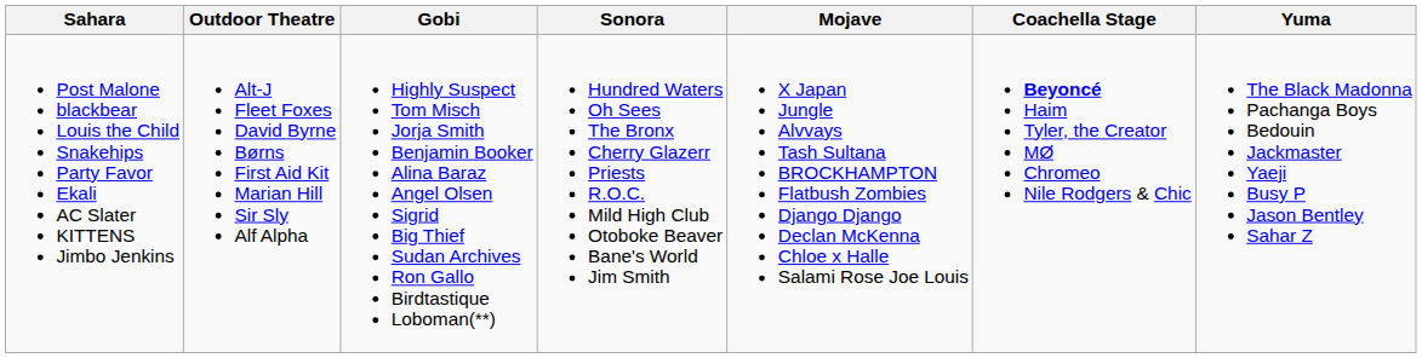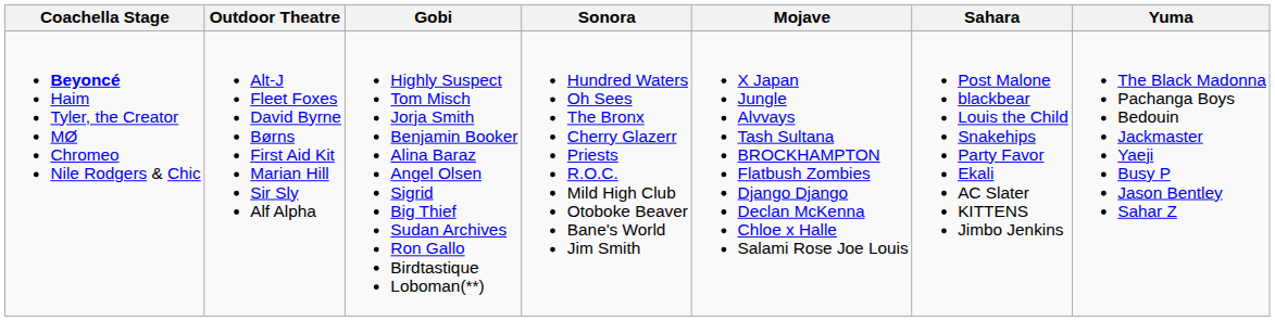 <table class="wikitable">
 <tr>
-<th>Sahara</th>
+<th>Coachella Stage</th>
 <th>Outdoor Theatre</th>
 <th>Gobi</th>
 <th>Sonora</th>
 <th>Mojave</th>
-<th>Coachella Stage</th>
+<th>Sahara</th>
 <th>Yuma</th>
 </tr>
 <tr valign="top">
-<td><br><ul><li><a href='#'>Post Malone</a></li><li><a href='#'>blackbear</a></li><li><a href='#'>Louis the Child</a></li><li><a href='#'>Snakehips</a></li><li><a href='#'>Party Favor</a></li><li><a href='#'>Ekali</a></li><li>AC Slater</li><li>KITTENS</li><li>Jimbo Jenkins</li></ul></td>
+<td><br><ul><li><strong><a href='#'>Beyoncé</a></strong></li><li><a href='#'>Haim</a></li><li><a href='#'>Tyler, the Creator</a></li><li><a href='#'>MØ</a></li><li><a href='#'>Chromeo</a></li><li><a href='#'>Nile Rodgers</a> & <a href='#'>Chic</a></li></ul></td>
 <td><br><ul><li><a href='#'>Alt-J</a></li><li><a href='#'>Fleet Foxes</a></li><li><a href='#'>David Byrne</a></li><li><a href='#'>Børns</a></li><li><a href='#'>First Aid Kit</a></li><li><a href='#'>Marian Hill</a></li><li><a href='#'>Sir Sly</a></li><li>Alf Alpha</li></ul></td>
 <td><br><ul><li><a href='#'>Highly Suspect</a></li><li><a href='#'>Tom Misch</a></li><li><a href='#'>Jorja Smith</a></li><li><a href='#'>Benjamin Booker</a></li><li><a href='#'>Alina Baraz</a></li><li><a href='#'>Angel Olsen</a></li><li><a href='#'>Sigrid</a></li><li><a href='#'>Big Thief</a></li><li><a href='#'>Sudan Archives</a></li><li><a href='#'>Ron Gallo</a></li><li>Birdtastique</li><li>Loboman(**)</li></ul></td>
 <td><br><ul><li><a href='#'>Hundred Waters</a></li><li><a href='#'>Oh Sees</a></li><li><a href='#'>The Bronx</a></li><li><a href='#'>Cherry Glazerr</a></li><li><a href='#'>Priests</a></li><li><a href='#'>R.O.C.</a></li><li>Mild High Club</li><li>Otoboke Beaver</li><li>Bane's World</li><li>Jim Smith</li></ul></td>
 <td><br><ul><li><a href='#'>X Japan</a></li><li><a href='#'>Jungle</a></li><li><a href='#'>Alvvays</a></li><li><a href='#'>Tash Sultana</a></li><li><a href='#'>BROCKHAMPTON</a></li><li><a href='#'>Flatbush Zombies</a></li><li><a href='#'>Django Django</a></li><li><a href='#'>Declan McKenna</a></li><li><a href='#'>Chloe x Halle</a></li><li>Salami Rose Joe Louis</li></ul></td>
-<td><br><ul><li><strong><a href='#'>Beyoncé</a></strong></li><li><a href='#'>Haim</a></li><li><a href='#'>Tyler, the Creator</a></li><li><a href='#'>MØ</a></li><li><a href='#'>Chromeo</a></li><li><a href='#'>Nile Rodgers</a> & <a href='#'>Chic</a></li></ul></td>
+<td><br><ul><li><a href='#'>Post Malone</a></li><li><a href='#'>blackbear</a></li><li><a href='#'>Louis the Child</a></li><li><a href='#'>Snakehips</a></li><li><a href='#'>Party Favor</a></li><li><a href='#'>Ekali</a></li><li>AC Slater</li><li>KITTENS</li><li>Jimbo Jenkins</li></ul></td>
 <td><br><ul><li><a href='#'>The Black Madonna</a></li><li>Pachanga Boys</li><li>Bedouin</li><li><a href='#'>Jackmaster</a></li><li><a href='#'>Yaeji</a></li><li><a href='#'>Busy P</a></li><li><a href='#'>Jason Bentley</a></li><li><a href='#'>Sahar Z</a></li></ul></td>
 </tr>
 </table>
